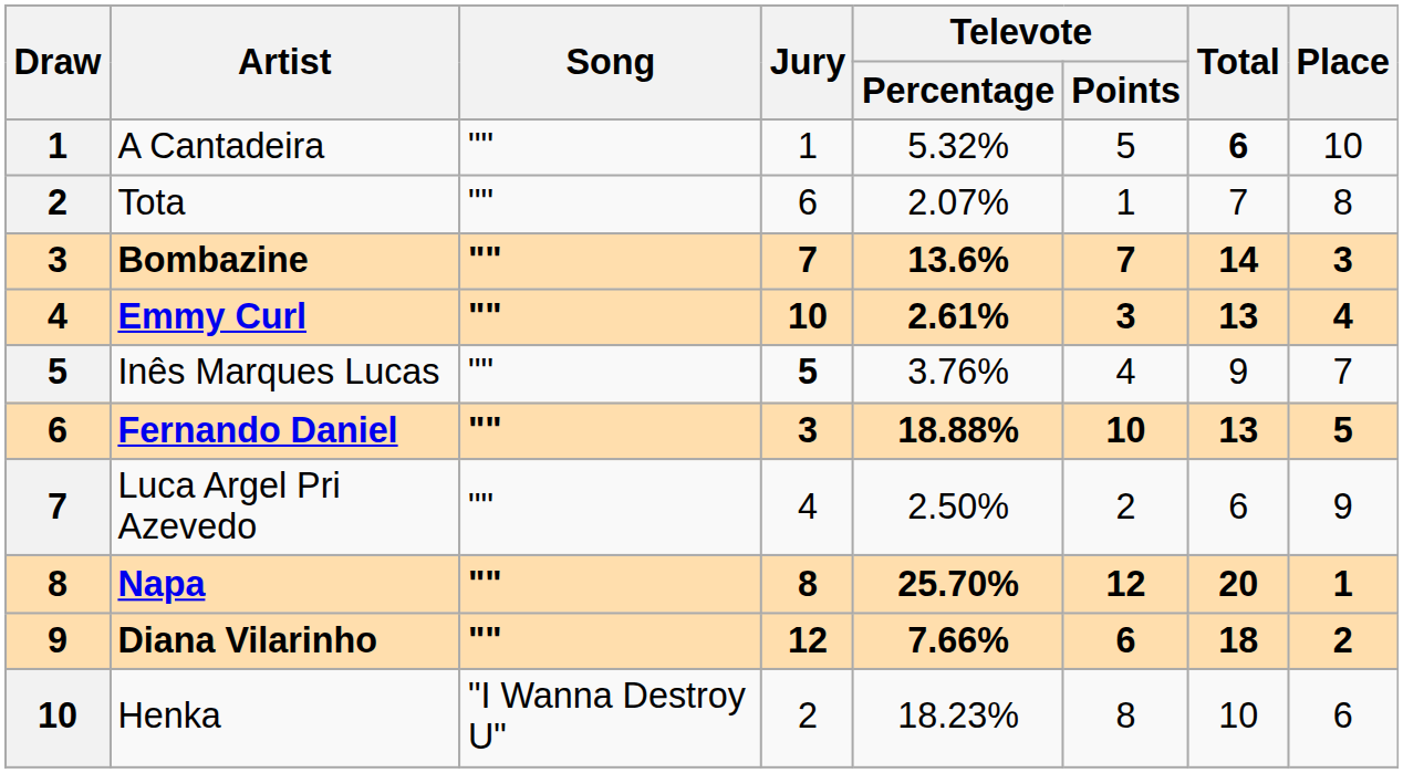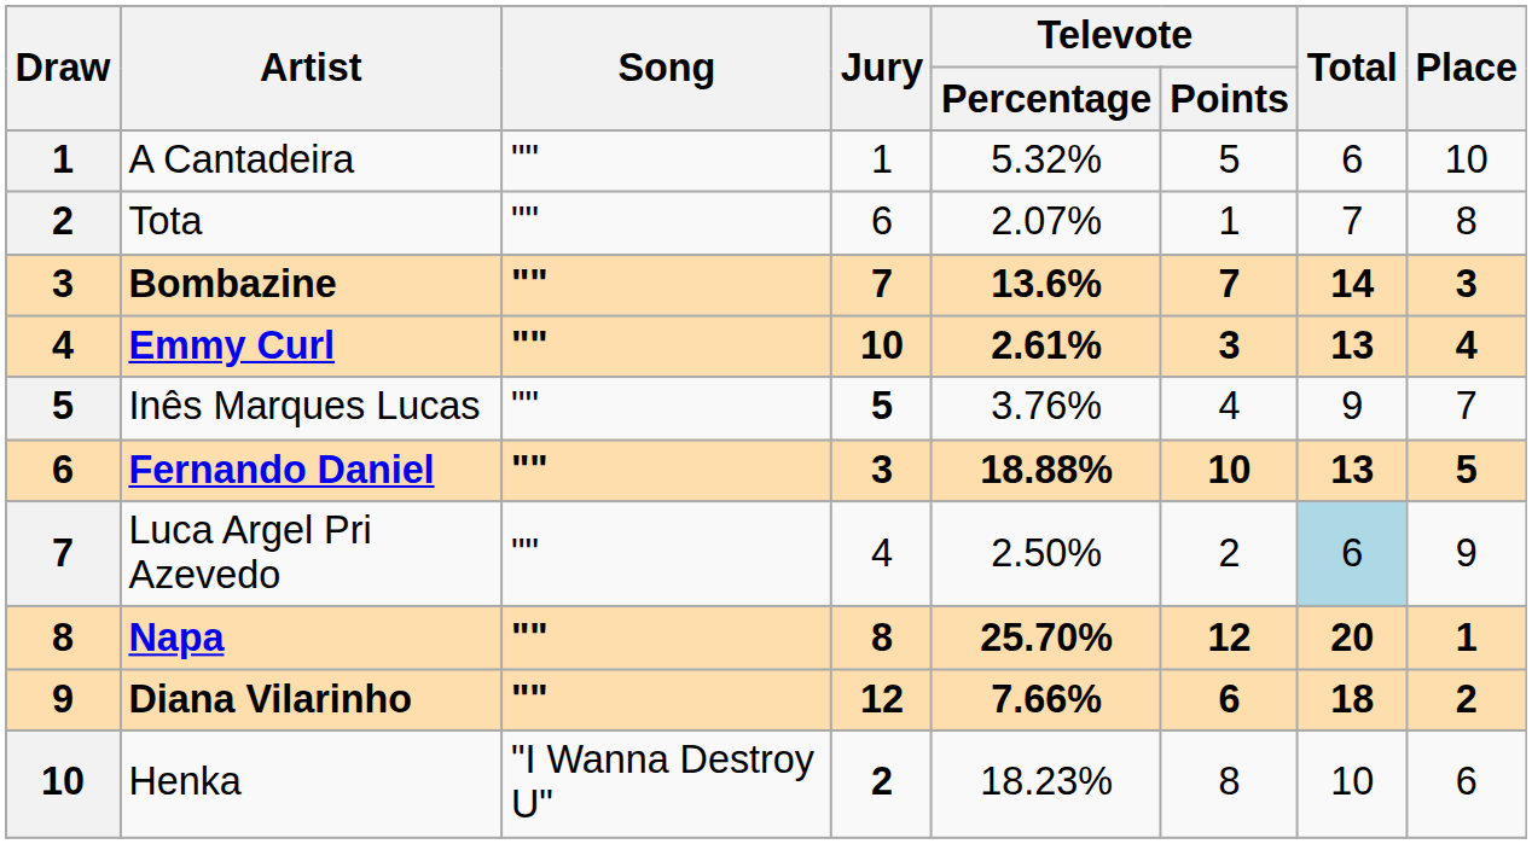 <table class="sortable wikitable plainrowheaders" style="margin: 1em auto 1em auto; text-align:center">
 <tr>
 <th rowspan="2">Draw</th>
 <th rowspan="2">Artist</th>
 <th rowspan="2">Song</th>
 <th rowspan="2">Jury</th>
 <th colspan="2">Televote</th>
 <th rowspan="2">Total</th>
 <th rowspan="2">Place</th>
 </tr>
 <tr>
 <th>Percentage</th>
 <th class="unsortable">Points</th>
 </tr>
 <tr>
 <th scope="row" style="text-align:center;">1</th>
 <td align="left">A Cantadeira</td>
 <td align="left">""</td>
 <td>1</td>
 <td>5.32%</td>
 <td>5</td>
-<td><strong>6</strong></td>
+<td>6</td>
 <td>10</td>
 </tr>
 <tr>
 <th scope="row" style="text-align:center;">2</th>
 <td align="left">Tota</td>
 <td align="left">""</td>
 <td>6</td>
 <td>2.07%</td>
 <td>1</td>
 <td>7</td>
 <td>8</td>
 </tr>
 <tr style="font-weight:bold; background:navajowhite">
 <th scope="row" style="text-align:center; font-weight:bold; background:navajowhite">3</th>
 <td align="left">Bombazine</td>
 <td align="left">""</td>
 <td>7</td>
 <td>13.6%</td>
 <td>7</td>
 <td>14</td>
 <td>3</td>
 </tr>
 <tr style="font-weight:bold; background:navajowhite">
 <th scope="row" style="text-align:center; font-weight:bold; background:navajowhite">4</th>
 <td align="left"><a href='#'>Emmy Curl</a></td>
 <td align="left">""</td>
 <td>10</td>
 <td>2.61%</td>
 <td>3</td>
 <td>13</td>
 <td>4</td>
 </tr>
 <tr>
 <th scope="row" style="text-align:center;">5</th>
 <td align="left">Inês Marques Lucas</td>
 <td align="left">""</td>
 <td><strong>5</strong></td>
 <td>3.76%</td>
 <td>4</td>
 <td>9</td>
 <td>7</td>
 </tr>
 <tr style="font-weight:bold; background:navajowhite">
 <th scope="row" style="text-align:center; font-weight:bold; background:navajowhite">6</th>
 <td align="left"><a href='#'>Fernando Daniel</a></td>
 <td align="left">""</td>
 <td>3</td>
 <td>18.88%</td>
 <td>10</td>
 <td>13</td>
 <td>5</td>
 </tr>
 <tr>
 <th scope="row" style="text-align:center;">7</th>
 <td align="left">Luca Argel  Pri Azevedo</td>
 <td align="left">""</td>
 <td>4</td>
 <td>2.50%</td>
 <td>2</td>
-<td>6</td>
+<td style="background: lightblue;">6</td>
 <td>9</td>
 </tr>
 <tr style="font-weight:bold; background:navajowhite">
 <th scope="row" style="text-align:center; font-weight:bold; background:navajowhite">8</th>
 <td align="left"><a href='#'>Napa</a></td>
 <td align="left">""</td>
 <td>8</td>
 <td>25.70%</td>
 <td>12</td>
 <td>20</td>
 <td>1</td>
 </tr>
 <tr style="font-weight:bold; background:navajowhite">
 <th scope="row" style="text-align:center; font-weight:bold; background:navajowhite">9</th>
 <td align="left">Diana Vilarinho</td>
 <td align="left">""</td>
 <td>12</td>
 <td>7.66%</td>
 <td>6</td>
 <td>18</td>
 <td>2</td>
 </tr>
 <tr>
 <th scope="row" style="text-align:center;">10</th>
 <td align="left">Henka</td>
 <td align="left">"I Wanna Destroy U"</td>
-<td>2</td>
+<td><strong>2</strong></td>
 <td>18.23%</td>
 <td>8</td>
 <td>10</td>
 <td>6</td>
 </tr>
 </table>
